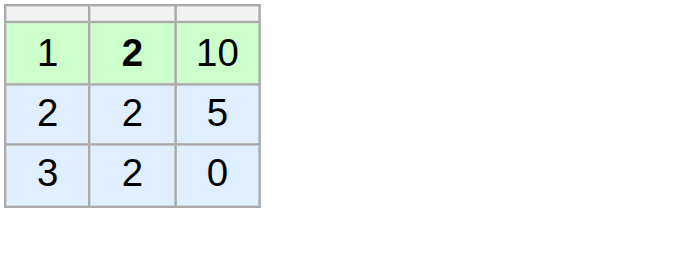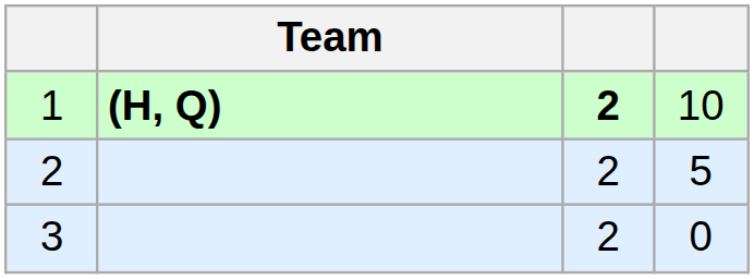 <table class="wikitable" style="text-align:center">
 <tr>
 <th style="width:28px"></th>
+<th style="width:170px">Team</th>
 <th style="width:28px"></th>
 <th style="width:28px"></th>
 </tr>
 <tr bgcolor=#ccffcc>
 <td>1</td>
+<td style="text-align:left"> <strong>(H, Q)</strong></td>
 <td><strong>2</strong></td>
 <td>10</td>
 </tr>
 <tr bgcolor=#dfefff>
 <td>2</td>
+<td style="text-align:left"></td>
 <td>2</td>
 <td>5</td>
 </tr>
 <tr bgcolor=#dfefff>
 <td>3</td>
+<td style="text-align:left"></td>
 <td>2</td>
 <td>0</td>
 </tr>
 </table>
